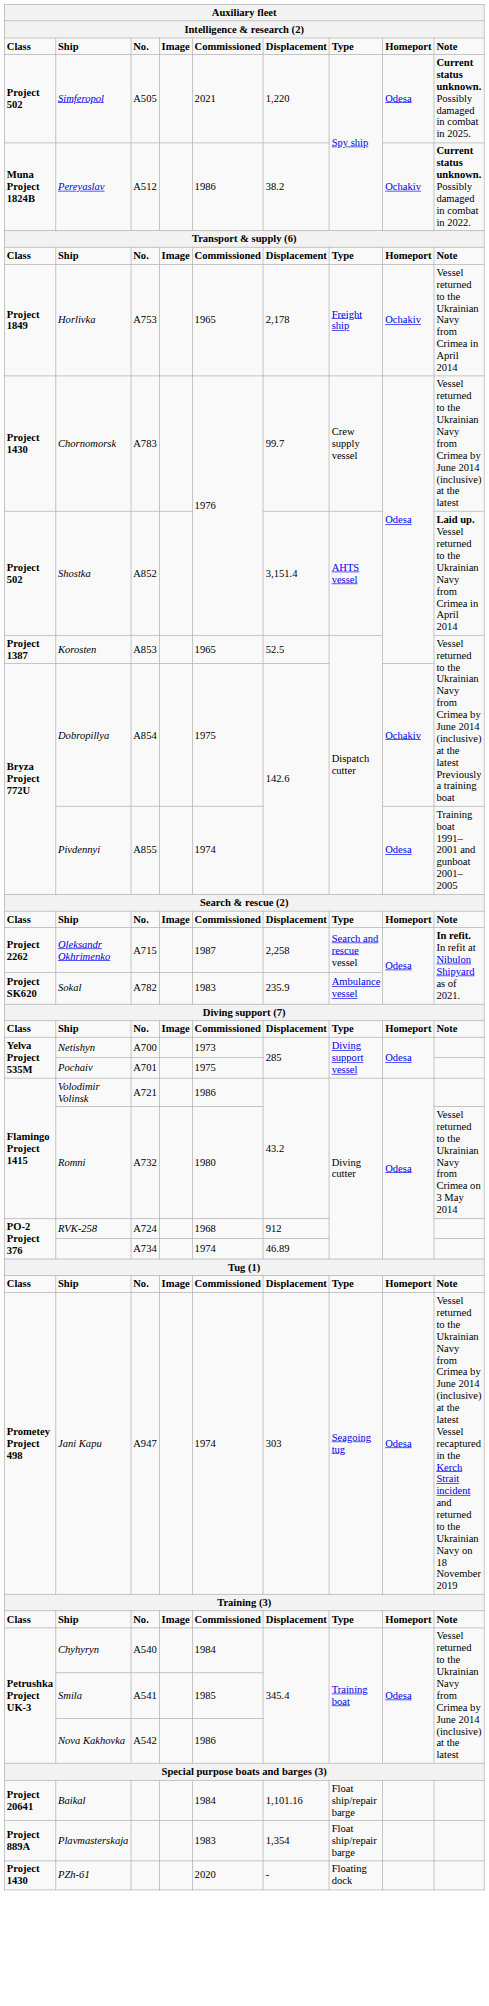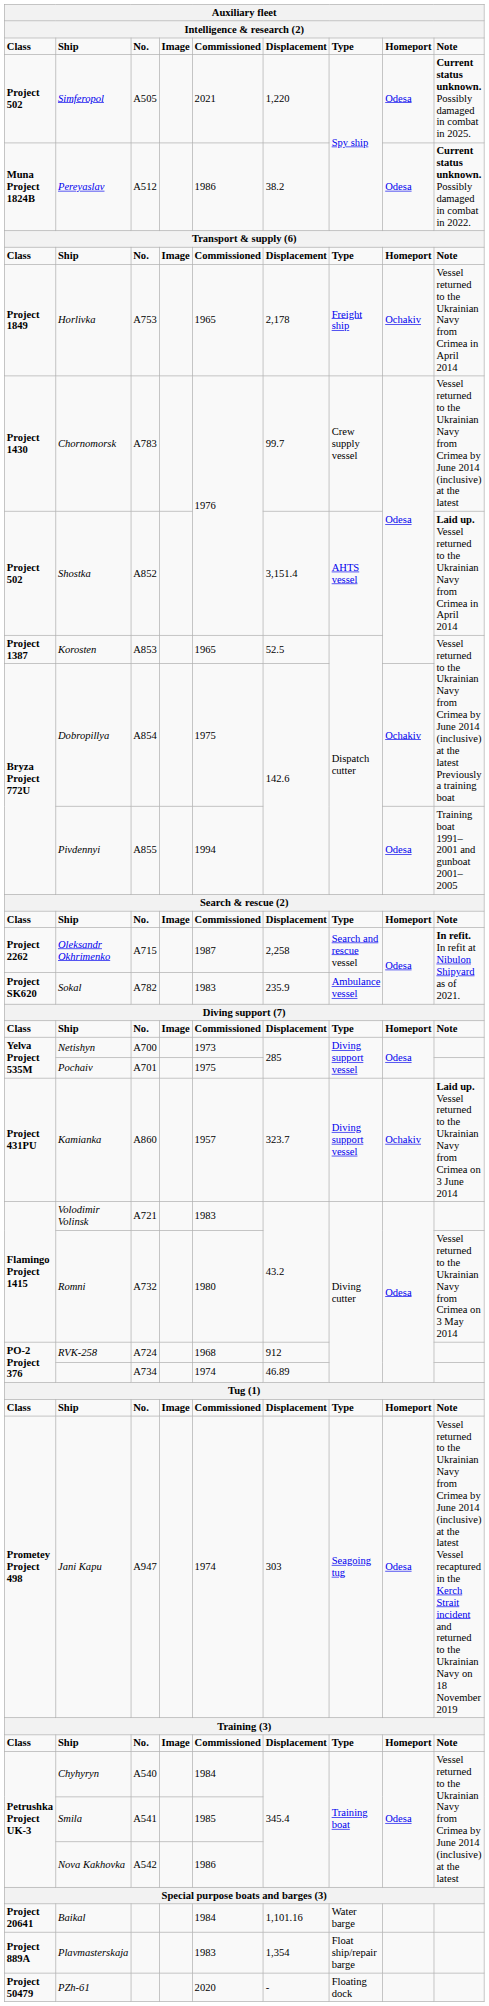 <table class="wikitable">
 <tr>
 <th colspan="9">Auxiliary fleet</th>
 </tr>
 <tr>
 <th colspan="9">Intelligence & research (2)</th>
 </tr>
 <tr>
 <td><strong>Class</strong></td>
 <td><strong>Ship</strong></td>
 <td><strong>No.</strong></td>
 <td><strong>Image</strong></td>
 <td><strong>Commissioned</strong></td>
 <td><strong>Displacement</strong></td>
 <td><strong>Type</strong></td>
 <td><strong>Homeport</strong></td>
 <td><strong>Note</strong></td>
 </tr>
 <tr>
 <td><strong>Project 502</strong></td>
 <td><em><a href='#'>Simferopol</a></em></td>
 <td>A505</td>
 <td></td>
 <td>2021</td>
 <td>1,220</td>
 <td rowspan="2"><a href='#'>Spy ship</a></td>
 <td><a href='#'>Odesa</a></td>
 <td><strong>Current status unknown.</strong><br>Possibly damaged in combat in 2025. </td>
 </tr>
 <tr>
 <td><strong>Muna</strong><br><strong>Project 1824B</strong></td>
 <td><a href='#'><em>Pereyaslav</em></a></td>
 <td>A512</td>
 <td></td>
 <td>1986</td>
 <td>38.2</td>
-<td><a href='#'>Ochakiv</a></td>
+<td><a href='#'>Odesa</a></td>
 <td><strong>Current status unknown.</strong><br>Possibly damaged in combat in 2022.</td>
 </tr>
 <tr>
 <th colspan="9">Transport & supply (6)</th>
 </tr>
 <tr>
 <td><strong>Class</strong></td>
 <td><strong>Ship</strong></td>
 <td><strong>No.</strong></td>
 <td><strong>Image</strong></td>
 <td><strong>Commissioned</strong></td>
 <td><strong>Displacement</strong></td>
 <td><strong>Type</strong></td>
 <td><strong>Homeport</strong></td>
 <td><strong>Note</strong></td>
 </tr>
 <tr>
 <td><strong>Project 1849</strong></td>
 <td><em>Horlivka</em></td>
 <td>A753</td>
 <td></td>
 <td>1965</td>
 <td>2,178</td>
 <td><a href='#'>Freight ship</a></td>
 <td><a href='#'>Ochakiv</a></td>
 <td>Vessel returned to the Ukrainian Navy from Crimea in April 2014</td>
 </tr>
 <tr>
 <td><strong>Project 1430</strong></td>
 <td><em>Chornomorsk</em></td>
 <td>A783</td>
 <td></td>
 <td rowspan="2">1976</td>
 <td>99.7</td>
 <td>Crew supply vessel</td>
 <td rowspan="3"><a href='#'>Odesa</a></td>
 <td>Vessel returned to the Ukrainian Navy from Crimea by June 2014 (inclusive) at the latest</td>
 </tr>
 <tr>
 <td><strong>Project 502</strong></td>
 <td><em>Shostka</em></td>
 <td>A852</td>
 <td></td>
 <td>3,151.4</td>
 <td><a href='#'>AHTS vessel</a></td>
 <td><strong>Laid up.</strong><br>Vessel returned to the Ukrainian Navy from Crimea in April 2014</td>
 </tr>
 <tr>
 <td><strong>Project 1387</strong></td>
 <td><em>Korosten</em></td>
 <td>A853</td>
 <td></td>
 <td>1965</td>
 <td>52.5</td>
 <td rowspan="3">Dispatch cutter</td>
 <td rowspan="2">Vessel returned to the Ukrainian Navy from Crimea by June 2014 (inclusive) at the latest <br> Previously a training boat</td>
 </tr>
 <tr>
 <td rowspan="2"><strong>Bryza</strong><br><strong>Project 772U</strong></td>
 <td><em>Dobropillya</em></td>
 <td>A854</td>
 <td></td>
 <td>1975</td>
 <td rowspan="2">142.6</td>
 <td><a href='#'>Ochakiv</a></td>
 </tr>
 <tr>
 <td><em>Pivdennyi</em></td>
 <td>A855</td>
 <td></td>
-<td>1974</td>
+<td>1994</td>
 <td><a href='#'>Odesa</a></td>
 <td>Training boat 1991–2001 and gunboat 2001–2005</td>
 </tr>
 <tr>
 <th colspan="9">Search & rescue (2)</th>
 </tr>
 <tr>
 <td><strong>Class</strong></td>
 <td><strong>Ship</strong></td>
 <td><strong>No.</strong></td>
 <td><strong>Image</strong></td>
 <td><strong>Commissioned</strong></td>
 <td><strong>Displacement</strong></td>
 <td><strong>Type</strong></td>
 <td><strong>Homeport</strong></td>
 <td><strong>Note</strong></td>
 </tr>
 <tr>
 <td><strong>Project 2262</strong></td>
 <td><a href='#'><em>Oleksandr Okhrimenko</em></a></td>
 <td>A715</td>
 <td></td>
 <td>1987</td>
 <td>2,258</td>
 <td><a href='#'>Search and rescue</a> vessel</td>
 <td rowspan="2"><a href='#'>Odesa</a></td>
 <td rowspan="2"><strong>In refit.</strong><br>In refit at <a href='#'>Nibulon Shipyard</a> as of 2021.</td>
 </tr>
 <tr>
 <td><strong>Project SK620</strong></td>
 <td><em>Sokal</em></td>
 <td>A782</td>
 <td></td>
 <td>1983</td>
 <td>235.9</td>
 <td><a href='#'>Ambulance vessel</a></td>
 </tr>
 <tr>
 <th colspan="9">Diving support (7)</th>
 </tr>
 <tr>
 <td><strong>Class</strong></td>
 <td><strong>Ship</strong></td>
 <td><strong>No.</strong></td>
 <td><strong>Image</strong></td>
 <td><strong>Commissioned</strong></td>
 <td><strong>Displacement</strong></td>
 <td><strong>Type</strong></td>
 <td><strong>Homeport</strong></td>
 <td><strong>Note</strong></td>
 </tr>
 <tr>
 <td rowspan="2"><strong>Yelva</strong><br><strong>Project 535M</strong></td>
 <td><em>Netishyn</em></td>
 <td>A700</td>
 <td></td>
 <td>1973</td>
 <td rowspan="2">285</td>
 <td rowspan="2"><a href='#'>Diving support vessel</a></td>
 <td rowspan="2"><a href='#'>Odesa</a></td>
 <td></td>
 </tr>
 <tr>
 <td><em>Pochaiv</em></td>
 <td>A701</td>
 <td></td>
 <td>1975</td>
 <td></td>
 </tr>
 <tr>
+<td><strong>Project 431PU</strong></td>
+<td><em>Kamianka</em></td>
+<td>A860</td>
+<td></td>
+<td>1957</td>
+<td>323.7</td>
+<td><a href='#'>Diving support vessel</a></td>
+<td><a href='#'>Ochakiv</a></td>
+<td><strong>Laid up.</strong><br>Vessel returned to the Ukrainian Navy from Crimea on 3 June 2014</td>
+</tr>
+<tr>
 <td rowspan="2"><strong>Flamingo</strong><br><strong>Project 1415</strong></td>
 <td><em>Volodimir Volinsk</em></td>
 <td>A721</td>
 <td></td>
-<td>1986</td>
+<td>1983</td>
 <td rowspan="2">43.2</td>
 <td rowspan="4">Diving cutter</td>
 <td rowspan="4"><a href='#'>Odesa</a></td>
 <td></td>
 </tr>
 <tr>
 <td><em>Romni</em></td>
 <td>A732</td>
 <td></td>
 <td>1980</td>
 <td>Vessel returned to the Ukrainian Navy from Crimea on 3 May 2014</td>
 </tr>
 <tr>
 <td rowspan="2"><strong>PO-2</strong><br><strong>Project 376</strong></td>
 <td><em>RVK-258</em></td>
 <td>A724</td>
 <td></td>
 <td>1968</td>
 <td>912</td>
 <td></td>
 </tr>
 <tr>
 <td></td>
 <td>A734</td>
 <td></td>
 <td>1974</td>
 <td>46.89</td>
 <td></td>
 </tr>
 <tr>
 <th colspan="9">Tug (1)</th>
 </tr>
 <tr>
 <td><strong>Class</strong></td>
 <td><strong>Ship</strong></td>
 <td><strong>No.</strong></td>
 <td><strong>Image</strong></td>
 <td><strong>Commissioned</strong></td>
 <td><strong>Displacement</strong></td>
 <td><strong>Type</strong></td>
 <td><strong>Homeport</strong></td>
 <td><strong>Note</strong></td>
 </tr>
 <tr>
 <td><strong>Prometey</strong><br><strong>Project 498</strong></td>
 <td><em>Jani Kapu</em></td>
 <td>A947</td>
 <td></td>
 <td>1974</td>
 <td>303</td>
 <td><a href='#'>Seagoing tug</a></td>
 <td><a href='#'>Odesa</a></td>
 <td>Vessel returned to the Ukrainian Navy from Crimea by June 2014 (inclusive) at the latest Vessel recaptured in the <a href='#'>Kerch Strait incident</a> and returned to the Ukrainian Navy on 18 November 2019</td>
 </tr>
 <tr>
 <th colspan="9">Training (3)</th>
 </tr>
 <tr>
 <td><strong>Class</strong></td>
 <td><strong>Ship</strong></td>
 <td><strong>No.</strong></td>
 <td><strong>Image</strong></td>
 <td><strong>Commissioned</strong></td>
 <td><strong>Displacement</strong></td>
 <td><strong>Type</strong></td>
 <td><strong>Homeport</strong></td>
 <td><strong>Note</strong></td>
 </tr>
 <tr>
 <td rowspan="3"><strong>Petrushka</strong><br><strong>Project UK-3</strong></td>
 <td><em>Chyhyryn</em></td>
 <td>A540</td>
 <td></td>
 <td>1984</td>
 <td rowspan="3">345.4</td>
 <td rowspan="3"><a href='#'>Training boat</a></td>
 <td rowspan="3"><a href='#'>Odesa</a></td>
 <td rowspan="3">Vessel returned to the Ukrainian Navy from Crimea by June 2014 (inclusive) at the latest</td>
 </tr>
 <tr>
 <td><em>Smila</em></td>
 <td>A541</td>
 <td></td>
 <td>1985</td>
 </tr>
 <tr>
 <td><em>Nova Kakhovka</em></td>
 <td>A542</td>
 <td></td>
 <td>1986</td>
 </tr>
 <tr>
 <th colspan="9">Special purpose boats and barges (3)</th>
 </tr>
 <tr>
 <td><strong>Project 20641</strong></td>
 <td><em>Baikal</em></td>
 <td></td>
 <td></td>
 <td>1984</td>
 <td>1,101.16</td>
-<td>Float ship/repair barge</td>
+<td>Water barge</td>
 <td></td>
 <td></td>
 </tr>
 <tr>
 <td><strong>Project 889A</strong></td>
 <td><em>Plavmasterskaja</em></td>
 <td></td>
 <td></td>
 <td>1983</td>
 <td>1,354</td>
 <td>Float ship/repair barge</td>
 <td></td>
 <td></td>
 </tr>
 <tr>
-<td><strong>Project 1430</strong></td>
+<td><strong>Project 50479</strong></td>
 <td><em>PZh-61</em></td>
 <td></td>
 <td></td>
 <td>2020</td>
 <td>-</td>
 <td>Floating dock</td>
 <td></td>
 <td></td>
 </tr>
 </table>
